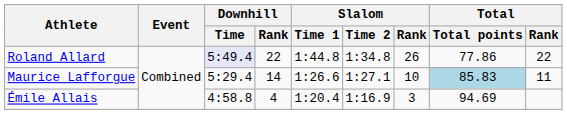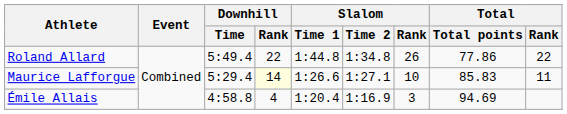 <table class="wikitable" style="font-size:90%">
 <tr>
 <th rowspan="2">Athlete</th>
 <th rowspan="2">Event</th>
 <th colspan="2">Downhill</th>
 <th colspan="3">Slalom</th>
 <th colspan="2">Total</th>
 </tr>
 <tr>
 <th>Time</th>
 <th>Rank</th>
 <th>Time 1</th>
 <th>Time 2</th>
 <th>Rank</th>
 <th>Total points</th>
 <th>Rank</th>
 </tr>
 <tr>
 <td><a href='#'>Roland Allard</a></td>
 <td rowspan="3">Combined</td>
-<td align="center" style="background: lavender;">5:49.4</td>
+<td align="center">5:49.4</td>
 <td align="center">22</td>
 <td align="center">1:44.8</td>
 <td align="center">1:34.8</td>
 <td align="center">26</td>
 <td align="center">77.86</td>
 <td align="center">22</td>
 </tr>
 <tr>
 <td><a href='#'>Maurice Lafforgue</a></td>
 <td align="center">5:29.4</td>
-<td align="center">14</td>
+<td align="center" style="background: lightyellow;">14</td>
 <td align="center">1:26.6</td>
 <td align="center">1:27.1</td>
 <td align="center">10</td>
-<td align="center" style="background: lightblue;">85.83</td>
+<td align="center">85.83</td>
 <td align="center">11</td>
 </tr>
 <tr>
 <td><a href='#'>Émile Allais</a></td>
 <td align="center">4:58.8</td>
 <td align="center">4</td>
 <td align="center">1:20.4</td>
 <td align="center">1:16.9</td>
 <td align="center">3</td>
 <td align="center">94.69</td>
 <td align="center"></td>
 </tr>
 </table>
